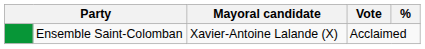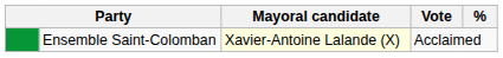 <table class="wikitable">
 <tr>
 <th bgcolor="#DDDDFF" width="230px" colspan="2">Party</th>
 <th bgcolor="#DDDDFF" width="200px">Mayoral candidate</th>
 <th bgcolor="#DDDDFF" width="50px">Vote</th>
 <th bgcolor="#DDDDFF" width="30px">%</th>
 </tr>
 <tr>
 <td bgcolor=#079637 width="30px"> </td>
 <td>Ensemble Saint-Colomban</td>
-<td>Xavier-Antoine Lalande (X)</td>
+<td style="background: lightyellow;">Xavier-Antoine Lalande (X)</td>
 <td colspan="2">Acclaimed</td>
 </tr>
 </table>
